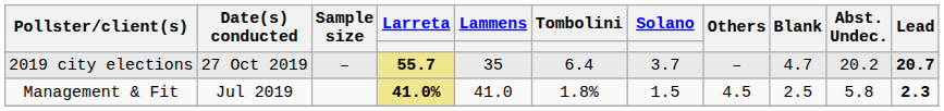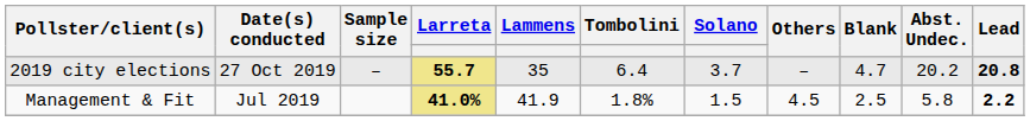 <table class="wikitable sortable" style="text-align:center;font-size:90%;line-height:14px;">
 <tr>
 <th rowspan="2" class="unsortable"><strong>Pollster/client(s)</strong></th>
 <th rowspan="2" class="unsortable"><strong>Date(s)<br>conducted</strong></th>
 <th rowspan="2" class="unsortable"><strong>Sample<br>size</strong></th>
 <th class="unsortable" style="width:50px;"><a href='#'>Larreta</a><br></th>
 <th class="unsortable" style="width:50px;"><a href='#'>Lammens</a><br></th>
 <th class="unsortable" style="width:50px;">Tombolini<br></th>
 <th class="unsortable" style="width:50px;"><a href='#'>Solano</a><br></th>
 <th rowspan="2" class="unsortable">Others</th>
 <th rowspan="2">Blank</th>
 <th rowspan="2">Abst.<br>Undec.</th>
 <th rowspan="2">Lead</th>
 </tr>
 <tr>
 <th data-sort-type="number" class="sortable" style="background:"></th>
 <th data-sort-type="number" class="sortable" style="background:"></th>
 <th data-sort-type="number" class="sortable" style="background:"></th>
 <th data-sort-type="number" class="sortable" style="background:"></th>
 </tr>
 <tr style="background:#E9E9E9;">
 <td>2019 city elections</td>
 <td>27 Oct 2019</td>
 <td>–</td>
 <td bgcolor="khaki"><strong>55.7</strong></td>
 <td>35</td>
 <td>6.4</td>
 <td>3.7</td>
 <td>–</td>
 <td>4.7</td>
 <td>20.2</td>
-<td style="background:"><strong>20.7</strong></td>
+<td style="background:"><strong>20.8</strong></td>
 </tr>
 <tr>
 <td>Management & Fit</td>
 <td>Jul 2019</td>
 <td></td>
 <td bgcolor="khaki"><strong>41.0%</strong></td>
-<td>41.0</td>
+<td>41.9</td>
 <td>1.8%</td>
 <td>1.5</td>
 <td>4.5</td>
 <td>2.5</td>
 <td>5.8</td>
-<td><strong>2.3</strong></td>
+<td><strong>2.2</strong></td>
 </tr>
 <tr>
 </tr>
 </table>
